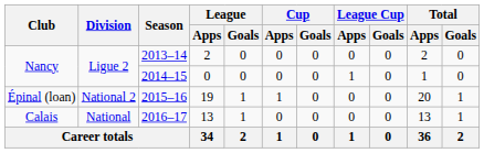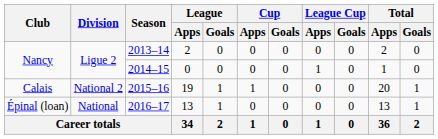 <table class="wikitable" style="text-align:center">
 <tr>
 <th rowspan="2">Club</th>
 <th rowspan="2"><a href='#'>Division</a></th>
 <th rowspan="2">Season</th>
 <th colspan="2">League</th>
 <th colspan="2"><a href='#'>Cup</a></th>
 <th colspan="2"><a href='#'>League Cup</a></th>
 <th colspan="2">Total</th>
 </tr>
 <tr>
 <th>Apps</th>
 <th>Goals</th>
 <th>Apps</th>
 <th>Goals</th>
 <th>Apps</th>
 <th>Goals</th>
 <th>Apps</th>
 <th>Goals</th>
 </tr>
 <tr>
 <td rowspan=2><a href='#'>Nancy</a></td>
 <td rowspan=2><a href='#'>Ligue 2</a></td>
 <td><a href='#'>2013–14</a></td>
 <td>2</td>
 <td>0</td>
 <td>0</td>
 <td>0</td>
 <td>0</td>
 <td>0</td>
 <td>2</td>
 <td>0</td>
 </tr>
 <tr>
 <td><a href='#'>2014–15</a></td>
 <td>0</td>
 <td>0</td>
 <td>0</td>
 <td>0</td>
 <td>1</td>
 <td>0</td>
 <td>1</td>
 <td>0</td>
 </tr>
 <tr>
-<td><a href='#'>Épinal</a> (loan)</td>
+<td><a href='#'>Calais</a></td>
 <td><a href='#'>National 2</a></td>
 <td><a href='#'>2015–16</a></td>
 <td>19</td>
 <td>1</td>
 <td>1</td>
 <td>0</td>
 <td>0</td>
 <td>0</td>
 <td>20</td>
 <td>1</td>
 </tr>
 <tr>
-<td><a href='#'>Calais</a></td>
+<td><a href='#'>Épinal</a> (loan)</td>
 <td><a href='#'>National</a></td>
 <td><a href='#'>2016–17</a></td>
 <td>13</td>
 <td>1</td>
 <td>0</td>
 <td>0</td>
 <td>0</td>
 <td>0</td>
 <td>13</td>
 <td>1</td>
 </tr>
 <tr>
 <th colspan=3>Career totals</th>
 <th>34</th>
 <th>2</th>
 <th>1</th>
 <th>0</th>
 <th>1</th>
 <th>0</th>
 <th>36</th>
 <th>2</th>
 </tr>
 </table>
